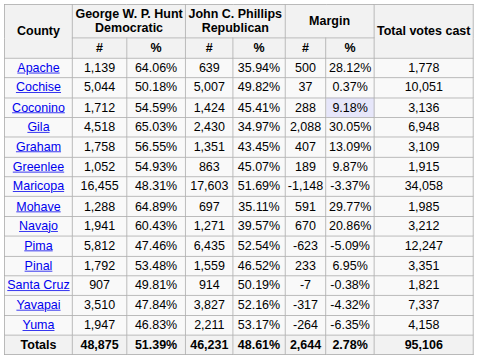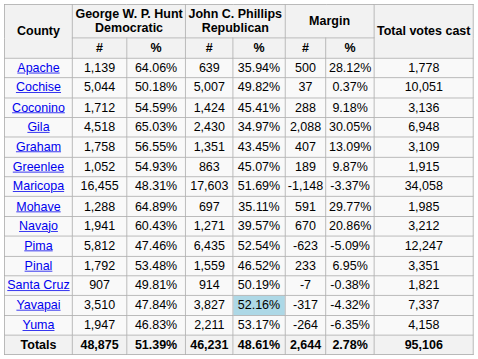 <table class="wikitable sortable" style="text-align:center">
 <tr>
 <th rowspan="2">County</th>
 <th style="text-align:center;" colspan="2">George W. P. Hunt<br>Democratic</th>
 <th style="text-align:center;" colspan="2">John C. Phillips<br>Republican</th>
 <th style="text-align:center;" colspan="2">Margin</th>
 <th style="text-align:center;" rowspan="2">Total votes cast</th>
 </tr>
 <tr>
 <th style="text-align:center;" data-sort-type="number">#</th>
 <th style="text-align:center;" data-sort-type="number">%</th>
 <th style="text-align:center;" data-sort-type="number">#</th>
 <th style="text-align:center;" data-sort-type="number">%</th>
 <th style="text-align:center;" data-sort-type="number">#</th>
 <th style="text-align:center;" data-sort-type="number">%</th>
 </tr>
 <tr style="text-align:center;">
 <td><a href='#'>Apache</a></td>
 <td>1,139</td>
 <td>64.06%</td>
 <td>639</td>
 <td>35.94%</td>
 <td>500</td>
 <td>28.12%</td>
 <td>1,778</td>
 </tr>
 <tr style="text-align:center;">
 <td><a href='#'>Cochise</a></td>
 <td>5,044</td>
 <td>50.18%</td>
 <td>5,007</td>
 <td>49.82%</td>
 <td>37</td>
 <td>0.37%</td>
 <td>10,051</td>
 </tr>
 <tr style="text-align:center;">
 <td><a href='#'>Coconino</a></td>
 <td>1,712</td>
 <td>54.59%</td>
 <td>1,424</td>
 <td>45.41%</td>
 <td>288</td>
-<td style="background: lavender;">9.18%</td>
+<td>9.18%</td>
 <td>3,136</td>
 </tr>
 <tr style="text-align:center;">
 <td><a href='#'>Gila</a></td>
 <td>4,518</td>
 <td>65.03%</td>
 <td>2,430</td>
 <td>34.97%</td>
 <td>2,088</td>
 <td>30.05%</td>
 <td>6,948</td>
 </tr>
 <tr style="text-align:center;">
 <td><a href='#'>Graham</a></td>
 <td>1,758</td>
 <td>56.55%</td>
 <td>1,351</td>
 <td>43.45%</td>
 <td>407</td>
 <td>13.09%</td>
 <td>3,109</td>
 </tr>
 <tr style="text-align:center;">
 <td><a href='#'>Greenlee</a></td>
 <td>1,052</td>
 <td>54.93%</td>
 <td>863</td>
 <td>45.07%</td>
 <td>189</td>
 <td>9.87%</td>
 <td>1,915</td>
 </tr>
 <tr style="text-align:center;">
 <td><a href='#'>Maricopa</a></td>
 <td>16,455</td>
 <td>48.31%</td>
 <td>17,603</td>
 <td>51.69%</td>
 <td>-1,148</td>
 <td>-3.37%</td>
 <td>34,058</td>
 </tr>
 <tr style="text-align:center;">
 <td><a href='#'>Mohave</a></td>
 <td>1,288</td>
 <td>64.89%</td>
 <td>697</td>
 <td>35.11%</td>
 <td>591</td>
 <td>29.77%</td>
 <td>1,985</td>
 </tr>
 <tr style="text-align:center;">
 <td><a href='#'>Navajo</a></td>
 <td>1,941</td>
 <td>60.43%</td>
 <td>1,271</td>
 <td>39.57%</td>
 <td>670</td>
 <td>20.86%</td>
 <td>3,212</td>
 </tr>
 <tr style="text-align:center;">
 <td><a href='#'>Pima</a></td>
 <td>5,812</td>
 <td>47.46%</td>
 <td>6,435</td>
 <td>52.54%</td>
 <td>-623</td>
 <td>-5.09%</td>
 <td>12,247</td>
 </tr>
 <tr style="text-align:center;">
 <td><a href='#'>Pinal</a></td>
 <td>1,792</td>
 <td>53.48%</td>
 <td>1,559</td>
 <td>46.52%</td>
 <td>233</td>
 <td>6.95%</td>
 <td>3,351</td>
 </tr>
 <tr style="text-align:center;">
 <td><a href='#'>Santa Cruz</a></td>
 <td>907</td>
 <td>49.81%</td>
 <td>914</td>
 <td>50.19%</td>
 <td>-7</td>
 <td>-0.38%</td>
 <td>1,821</td>
 </tr>
 <tr style="text-align:center;">
 <td><a href='#'>Yavapai</a></td>
 <td>3,510</td>
 <td>47.84%</td>
 <td>3,827</td>
-<td>52.16%</td>
+<td style="background: lightblue;">52.16%</td>
 <td>-317</td>
 <td>-4.32%</td>
 <td>7,337</td>
 </tr>
 <tr style="text-align:center;">
 <td><a href='#'>Yuma</a></td>
 <td>1,947</td>
 <td>46.83%</td>
 <td>2,211</td>
 <td>53.17%</td>
 <td>-264</td>
 <td>-6.35%</td>
 <td>4,158</td>
 </tr>
 <tr style="text-align:center;">
 <th>Totals</th>
 <th>48,875</th>
 <th>51.39%</th>
 <th>46,231</th>
 <th>48.61%</th>
 <th>2,644</th>
 <th>2.78%</th>
 <th>95,106</th>
 </tr>
 </table>
